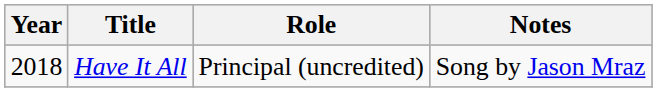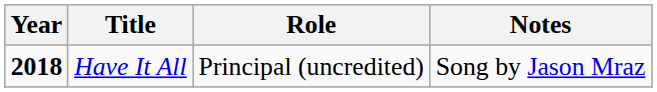 <table class="wikitable sortable">
 <tr>
 <th>Year</th>
 <th>Title</th>
 <th>Role</th>
 <th>Notes</th>
 </tr>
 <tr>
-<td>2018</td>
+<td><strong>2018</strong></td>
 <td><em><a href='#'>Have It All</a></em></td>
 <td>Principal (uncredited)</td>
 <td>Song by <a href='#'>Jason Mraz</a></td>
 </tr>
 </table>
